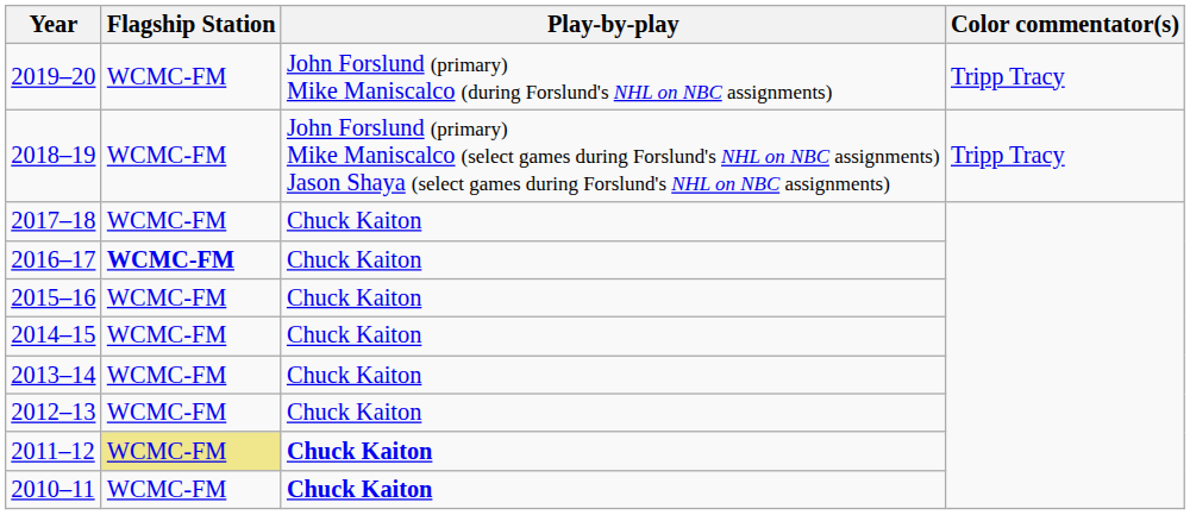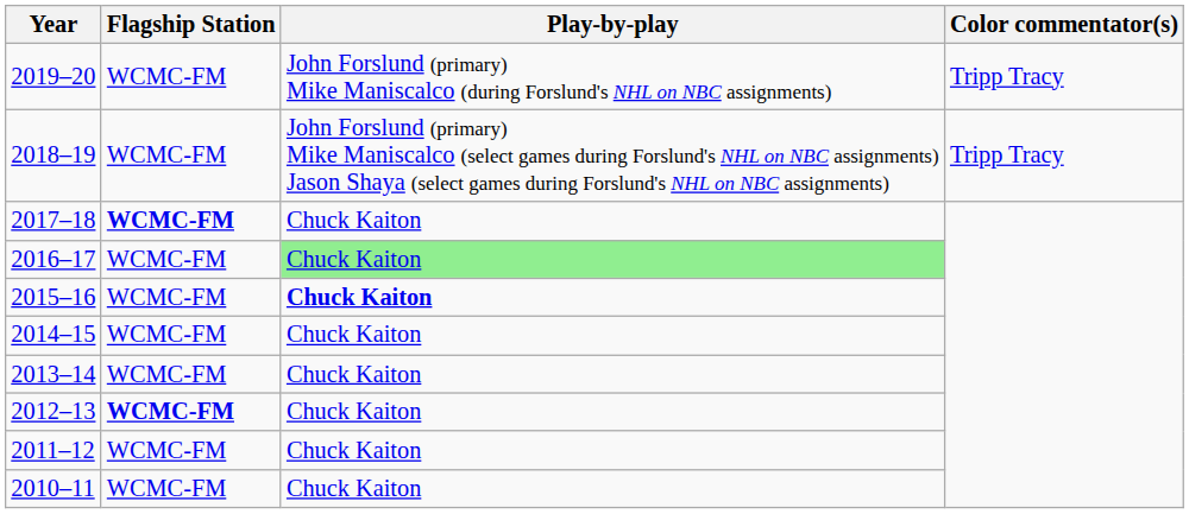 <table class="wikitable">
 <tr>
 <th>Year</th>
 <th>Flagship Station</th>
 <th>Play-by-play</th>
 <th>Color commentator(s)</th>
 </tr>
 <tr>
 <td><a href='#'>2019–20</a></td>
 <td><a href='#'>WCMC-FM</a></td>
 <td><a href='#'>John Forslund</a> <small>(primary)</small><br><a href='#'>Mike Maniscalco</a> <small>(during Forslund's <em><a href='#'>NHL on NBC</a></em> assignments)</small></td>
 <td><a href='#'>Tripp Tracy</a></td>
 </tr>
 <tr>
 <td><a href='#'>2018–19</a></td>
 <td><a href='#'>WCMC-FM</a></td>
 <td><a href='#'>John Forslund</a> <small>(primary)</small><br><a href='#'>Mike Maniscalco</a> <small>(select games during Forslund's <em><a href='#'>NHL on NBC</a></em> assignments)</small><br><a href='#'>Jason Shaya</a> <small>(select games during Forslund's <em><a href='#'>NHL on NBC</a></em> assignments)</small></td>
 <td><a href='#'>Tripp Tracy</a></td>
 </tr>
 <tr>
 <td><a href='#'>2017–18</a></td>
-<td><a href='#'>WCMC-FM</a></td>
+<td><strong><a href='#'>WCMC-FM</a></strong></td>
 <td><a href='#'>Chuck Kaiton</a></td>
 </tr>
 <tr>
 <td><a href='#'>2016–17</a></td>
-<td><strong><a href='#'>WCMC-FM</a></strong></td>
-<td><a href='#'>Chuck Kaiton</a></td>
+<td><a href='#'>WCMC-FM</a></td>
+<td style="background: lightgreen;"><a href='#'>Chuck Kaiton</a></td>
 </tr>
 <tr>
 <td><a href='#'>2015–16</a></td>
 <td><a href='#'>WCMC-FM</a></td>
-<td><a href='#'>Chuck Kaiton</a></td>
+<td><strong><a href='#'>Chuck Kaiton</a></strong></td>
 </tr>
 <tr>
 <td><a href='#'>2014–15</a></td>
 <td><a href='#'>WCMC-FM</a></td>
 <td><a href='#'>Chuck Kaiton</a></td>
 </tr>
 <tr>
 <td><a href='#'>2013–14</a></td>
 <td><a href='#'>WCMC-FM</a></td>
 <td><a href='#'>Chuck Kaiton</a></td>
 </tr>
 <tr>
 <td><a href='#'>2012–13</a></td>
+<td><strong><a href='#'>WCMC-FM</a></strong></td>
+<td><a href='#'>Chuck Kaiton</a></td>
+</tr>
+<tr>
+<td><a href='#'>2011–12</a></td>
 <td><a href='#'>WCMC-FM</a></td>
 <td><a href='#'>Chuck Kaiton</a></td>
 </tr>
 <tr>
-<td><a href='#'>2011–12</a></td>
-<td style="background: khaki;"><a href='#'>WCMC-FM</a></td>
-<td><strong><a href='#'>Chuck Kaiton</a></strong></td>
-</tr>
-<tr>
 <td><a href='#'>2010–11</a></td>
 <td><a href='#'>WCMC-FM</a></td>
-<td><strong><a href='#'>Chuck Kaiton</a></strong></td>
+<td><a href='#'>Chuck Kaiton</a></td>
 </tr>
 </table>
